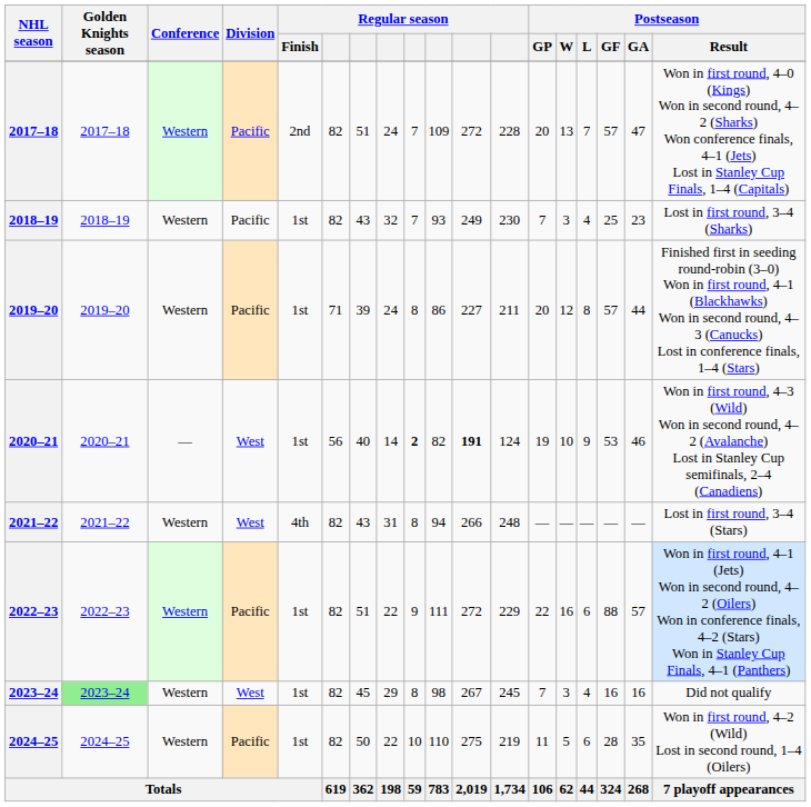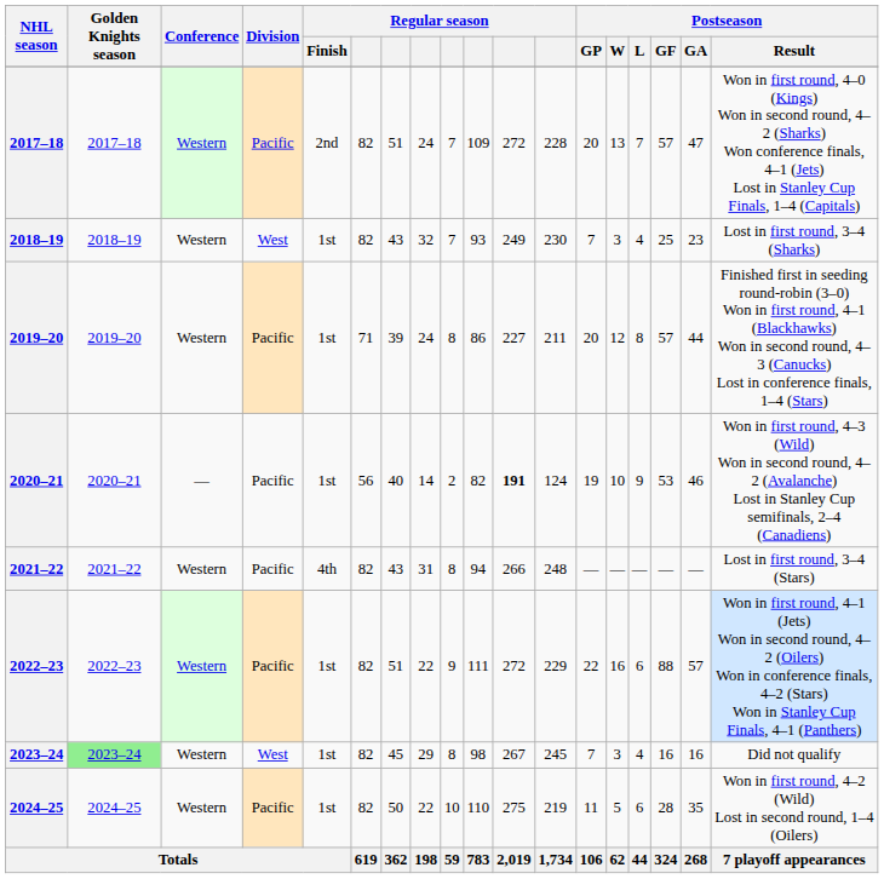 <table class="wikitable" style="text-align:center; font-size: 95%">
 <tr>
 <th scope="colgroup" rowspan="2"><a href='#'>NHL season</a></th>
 <th scope="colgroup" rowspan="2">Golden Knights season</th>
 <th scope="colgroup" rowspan="2"><a href='#'>Conference</a></th>
 <th scope="colgroup" rowspan="2"><a href='#'>Division</a></th>
 <th scope="colgroup" colspan="8"><a href='#'>Regular season</a></th>
 <th scope="colgroup" colspan="6"><a href='#'>Postseason</a></th>
 </tr>
 <tr>
 <th scope="col">Finish</th>
 <th scope="col"></th>
 <th scope="col"></th>
 <th scope="col"></th>
 <th scope="col"></th>
 <th scope="col"></th>
 <th scope="col"></th>
 <th scope="col"></th>
 <th scope="col">GP</th>
 <th scope="col">W</th>
 <th scope="col">L</th>
 <th scope="col">GF</th>
 <th scope="col">GA</th>
 <th scope="col">Result</th>
 </tr>
 <tr>
 </tr>
 <tr>
 <th scope="row"><a href='#'>2017–18</a></th>
 <td><a href='#'>2017–18</a></td>
 <td bgcolor="#DDFFDD"><a href='#'>Western</a></td>
 <td style="background: #FFE6BD;"><a href='#'>Pacific</a></td>
 <td>2nd</td>
 <td>82</td>
 <td>51</td>
 <td>24</td>
 <td>7</td>
 <td>109</td>
 <td>272</td>
 <td>228</td>
 <td>20</td>
 <td>13</td>
 <td>7</td>
 <td>57</td>
 <td>47</td>
 <td>Won in <a href='#'>first round</a>, 4–0 (<a href='#'>Kings</a>)<br>Won in second round, 4–2 (<a href='#'>Sharks</a>)<br>Won conference finals, 4–1 (<a href='#'>Jets</a>)<br>Lost in <a href='#'>Stanley Cup Finals</a>, 1–4 (<a href='#'>Capitals</a>)</td>
 </tr>
 <tr>
 <th scope="row"><a href='#'>2018–19</a></th>
 <td><a href='#'>2018–19</a></td>
 <td>Western</td>
-<td>Pacific</td>
+<td><a href='#'>West</a></td>
 <td>1st</td>
 <td>82</td>
 <td>43</td>
 <td>32</td>
 <td>7</td>
 <td>93</td>
 <td>249</td>
 <td>230</td>
 <td>7</td>
 <td>3</td>
 <td>4</td>
 <td>25</td>
 <td>23</td>
 <td>Lost in <a href='#'>first round</a>, 3–4 (<a href='#'>Sharks</a>)</td>
 </tr>
 <tr>
 <th scope="row"><a href='#'>2019–20</a></th>
 <td><a href='#'>2019–20</a></td>
 <td>Western</td>
 <td style="background: #FFE6BD;">Pacific</td>
 <td>1st</td>
 <td>71</td>
 <td>39</td>
 <td>24</td>
 <td>8</td>
 <td>86</td>
 <td>227</td>
 <td>211</td>
 <td>20</td>
 <td>12</td>
 <td>8</td>
 <td>57</td>
 <td>44</td>
 <td>Finished first in seeding round-robin (3–0)<br>Won in <a href='#'>first round</a>, 4–1 (<a href='#'>Blackhawks</a>)<br>Won in second round, 4–3 (<a href='#'>Canucks</a>)<br>Lost in conference finals, 1–4 (<a href='#'>Stars</a>)</td>
 </tr>
 <tr>
 <th scope="row"><a href='#'>2020–21</a></th>
 <td><a href='#'>2020–21</a></td>
 <td>—</td>
-<td><a href='#'>West</a></td>
+<td>Pacific</td>
 <td>1st</td>
 <td>56</td>
 <td>40</td>
 <td>14</td>
-<td><strong>2</strong></td>
+<td>2</td>
 <td>82</td>
 <td><strong>191</strong></td>
 <td>124</td>
 <td>19</td>
 <td>10</td>
 <td>9</td>
 <td>53</td>
 <td>46</td>
 <td>Won in <a href='#'>first round</a>, 4–3 (<a href='#'>Wild</a>)<br>Won in second round, 4–2 (<a href='#'>Avalanche</a>)<br>Lost in Stanley Cup semifinals, 2–4 (<a href='#'>Canadiens</a>)</td>
 </tr>
 <tr>
 <th scope="row"><a href='#'>2021–22</a></th>
 <td><a href='#'>2021–22</a></td>
 <td>Western</td>
-<td><a href='#'>West</a></td>
+<td>Pacific</td>
 <td>4th</td>
 <td>82</td>
 <td>43</td>
 <td>31</td>
 <td>8</td>
 <td>94</td>
 <td>266</td>
 <td>248</td>
 <td>—</td>
 <td>—</td>
 <td>—</td>
 <td>—</td>
 <td>—</td>
 <td>Lost in <a href='#'>first round</a>, 3–4 (Stars)</td>
 </tr>
 <tr>
 <th scope="row"><a href='#'>2022–23</a></th>
 <td><a href='#'>2022–23</a></td>
 <td bgcolor="#DDFFDD"><a href='#'>Western</a></td>
 <td style="background: #FFE6BD;">Pacific</td>
 <td>1st</td>
 <td>82</td>
 <td>51</td>
 <td>22</td>
 <td>9</td>
 <td>111</td>
 <td>272</td>
 <td>229</td>
 <td>22</td>
 <td>16</td>
 <td>6</td>
 <td>88</td>
 <td>57</td>
 <td style="background: #D0E7FF;">Won in <a href='#'>first round</a>, 4–1 (Jets)<br>Won in second round, 4–2 (<a href='#'>Oilers</a>)<br>Won in conference finals, 4–2 (Stars)<br>Won in <a href='#'>Stanley Cup Finals</a>, 4–1 (<a href='#'>Panthers</a>)</td>
 </tr>
 <tr>
 <th scope="row"><a href='#'>2023–24</a></th>
 <td style="background: lightgreen;"><a href='#'>2023–24</a></td>
 <td>Western</td>
 <td><a href='#'>West</a></td>
 <td>1st</td>
 <td>82</td>
 <td>45</td>
 <td>29</td>
 <td>8</td>
 <td>98</td>
 <td>267</td>
 <td>245</td>
 <td>7</td>
 <td>3</td>
 <td>4</td>
 <td>16</td>
 <td>16</td>
 <td>Did not qualify</td>
 </tr>
 <tr>
 <th scope="row"><a href='#'>2024–25</a></th>
 <td><a href='#'>2024–25</a></td>
 <td>Western</td>
 <td style="background: #FFE6BD;">Pacific</td>
 <td>1st</td>
 <td>82</td>
 <td>50</td>
 <td>22</td>
 <td>10</td>
 <td>110</td>
 <td>275</td>
 <td>219</td>
 <td>11</td>
 <td>5</td>
 <td>6</td>
 <td>28</td>
 <td>35</td>
 <td>Won in <a href='#'>first round</a>, 4–2 (Wild)<br> Lost in second round, 1–4 (Oilers)</td>
 </tr>
 <tr>
 <th scope="row" colspan="5">Totals</th>
 <th>619</th>
 <th>362</th>
 <th>198</th>
 <th>59</th>
 <th>783</th>
 <th>2,019</th>
 <th>1,734</th>
 <th>106</th>
 <th>62</th>
 <th>44</th>
 <th>324</th>
 <th>268</th>
 <th>7 playoff appearances</th>
 </tr>
 </table>
